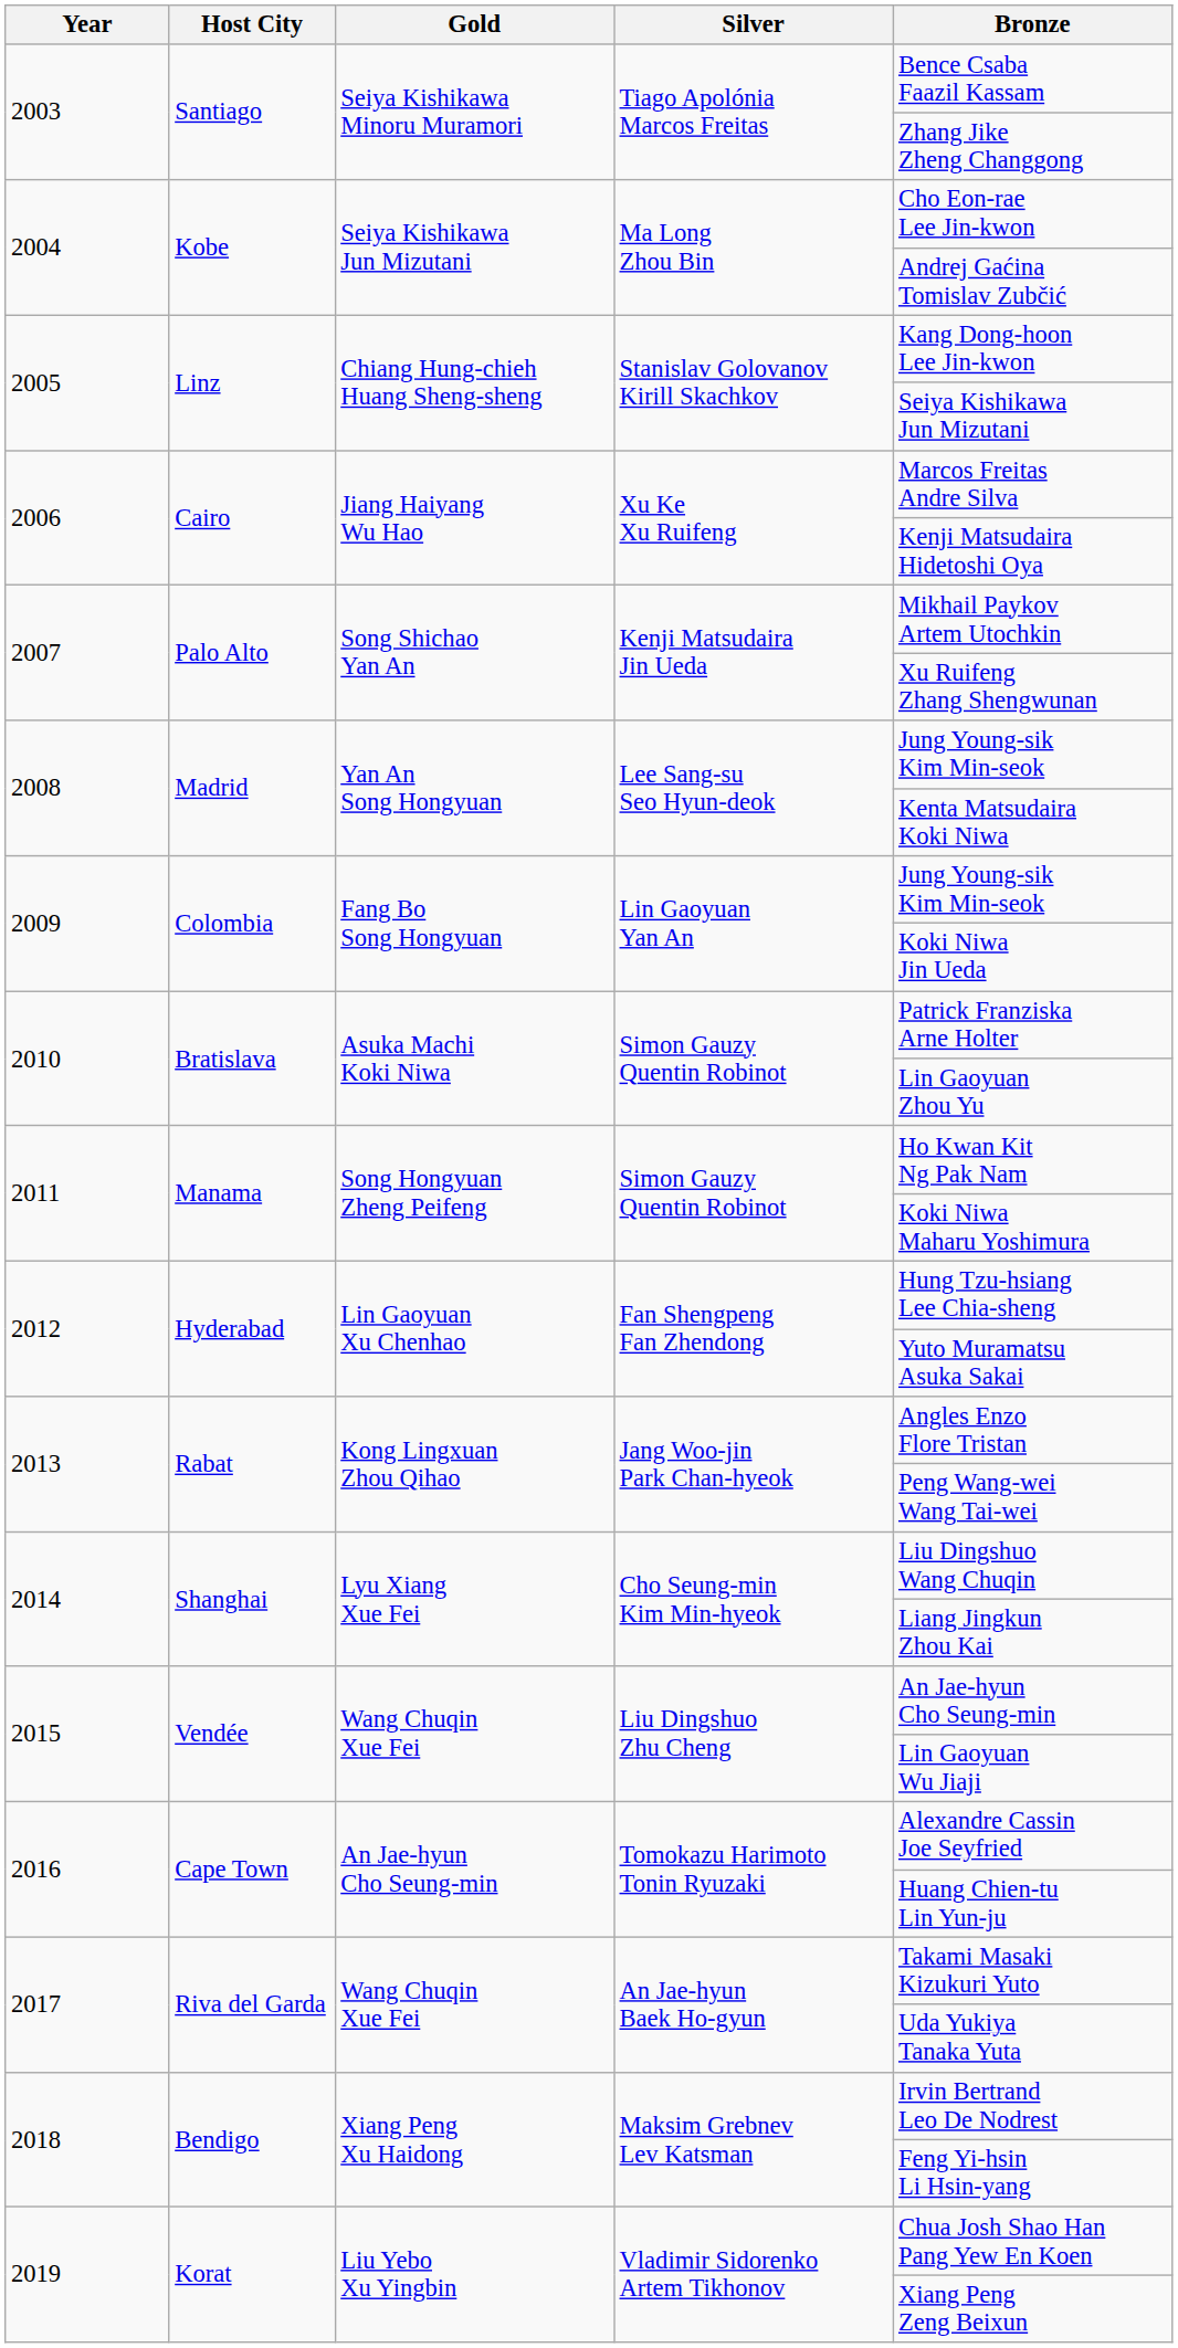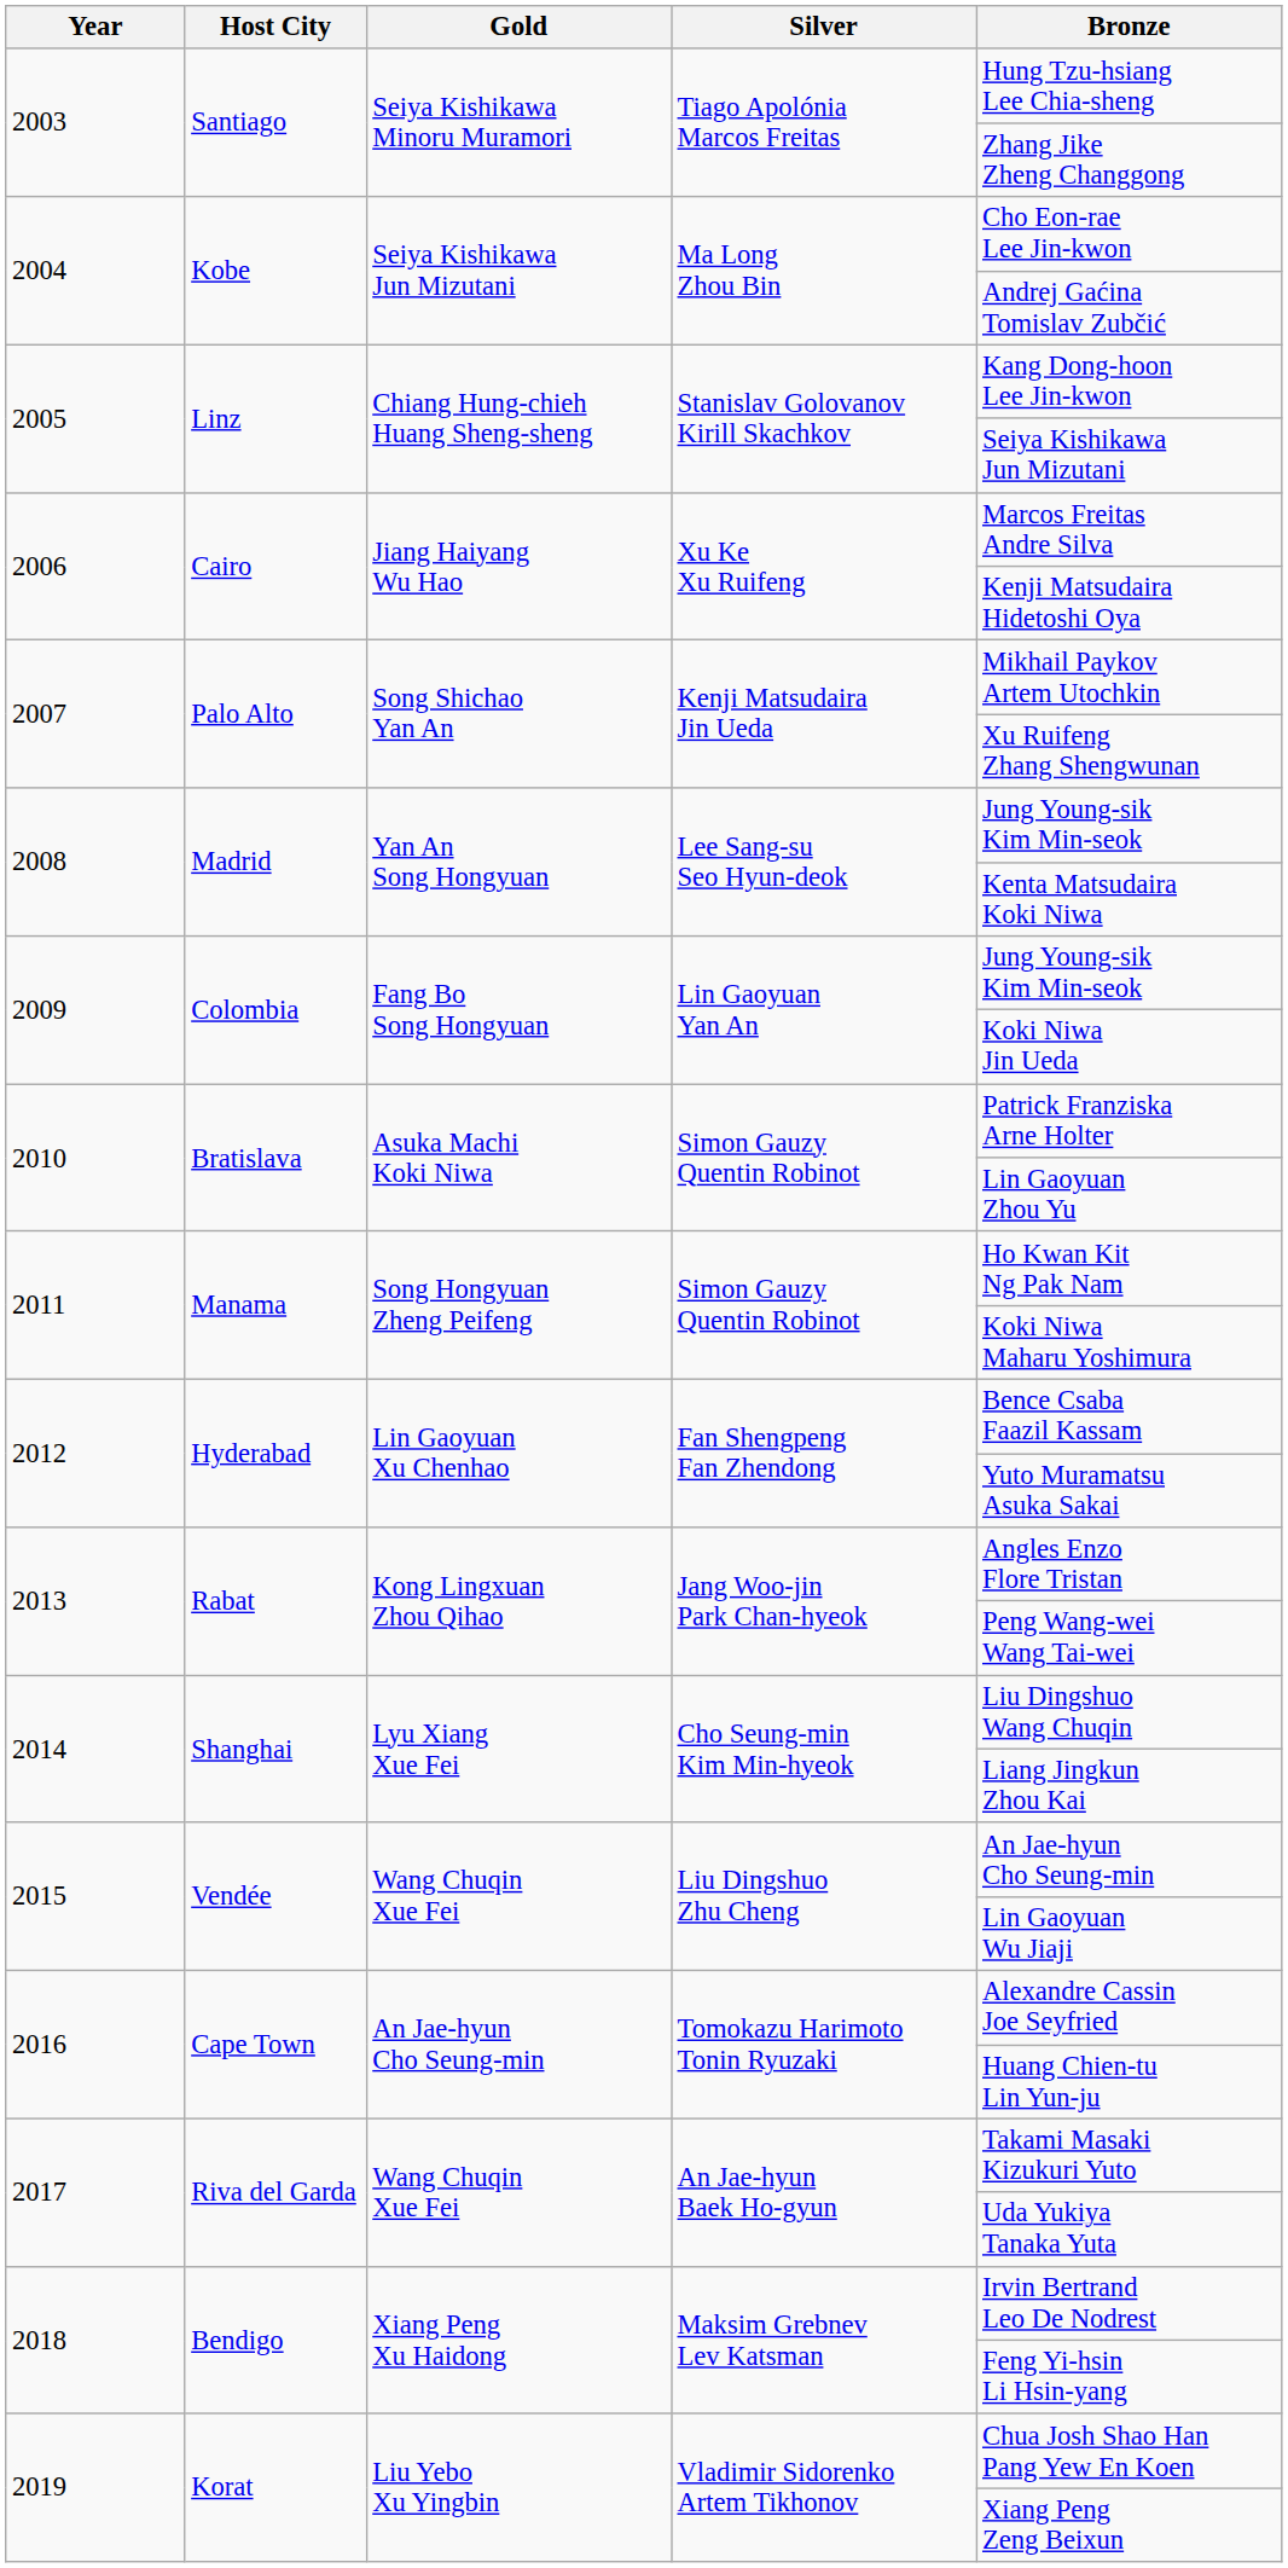 <table class="wikitable" style="text-align: left; width: 750px;">
 <tr>
 <th width="100">Year</th>
 <th width="100">Host City</th>
 <th width="175">Gold</th>
 <th width="175">Silver</th>
 <th width="175">Bronze</th>
 </tr>
 <tr>
 <td rowspan=2>2003</td>
 <td rowspan=2><a href='#'>Santiago</a></td>
 <td rowspan=2> <a href='#'>Seiya Kishikawa</a><br> <a href='#'>Minoru Muramori</a></td>
 <td rowspan=2> <a href='#'>Tiago Apolónia</a><br> <a href='#'>Marcos Freitas</a></td>
-<td> <a href='#'>Bence Csaba</a><br> <a href='#'>Faazil Kassam</a></td>
+<td> <a href='#'>Hung Tzu-hsiang</a><br> <a href='#'>Lee Chia-sheng</a></td>
 </tr>
 <tr>
 <td> <a href='#'>Zhang Jike</a><br> <a href='#'>Zheng Changgong</a></td>
 </tr>
 <tr>
 <td rowspan=2>2004</td>
 <td rowspan=2><a href='#'>Kobe</a></td>
 <td rowspan=2> <a href='#'>Seiya Kishikawa</a><br> <a href='#'>Jun Mizutani</a></td>
 <td rowspan=2> <a href='#'>Ma Long</a><br> <a href='#'>Zhou Bin</a></td>
 <td> <a href='#'>Cho Eon-rae</a><br> <a href='#'>Lee Jin-kwon</a></td>
 </tr>
 <tr>
 <td> <a href='#'>Andrej Gaćina</a><br> <a href='#'>Tomislav Zubčić</a></td>
 </tr>
 <tr>
 <td rowspan=2>2005</td>
 <td rowspan=2><a href='#'>Linz</a></td>
 <td rowspan=2> <a href='#'>Chiang Hung-chieh</a><br> <a href='#'>Huang Sheng-sheng</a></td>
 <td rowspan=2> <a href='#'>Stanislav Golovanov</a><br> <a href='#'>Kirill Skachkov</a></td>
 <td> <a href='#'>Kang Dong-hoon</a><br> <a href='#'>Lee Jin-kwon</a></td>
 </tr>
 <tr>
 <td> <a href='#'>Seiya Kishikawa</a><br> <a href='#'>Jun Mizutani</a></td>
 </tr>
 <tr>
 <td rowspan=2>2006</td>
 <td rowspan=2><a href='#'>Cairo</a></td>
 <td rowspan=2> <a href='#'>Jiang Haiyang</a><br> <a href='#'>Wu Hao</a></td>
 <td rowspan=2> <a href='#'>Xu Ke</a><br> <a href='#'>Xu Ruifeng</a></td>
 <td> <a href='#'>Marcos Freitas</a><br> <a href='#'>Andre Silva</a></td>
 </tr>
 <tr>
 <td> <a href='#'>Kenji Matsudaira</a><br> <a href='#'>Hidetoshi Oya</a></td>
 </tr>
 <tr>
 <td rowspan=2>2007</td>
 <td rowspan=2><a href='#'>Palo Alto</a></td>
 <td rowspan=2> <a href='#'>Song Shichao</a><br> <a href='#'>Yan An</a></td>
 <td rowspan=2> <a href='#'>Kenji Matsudaira</a><br> <a href='#'>Jin Ueda</a></td>
 <td> <a href='#'>Mikhail Paykov</a><br> <a href='#'>Artem Utochkin</a></td>
 </tr>
 <tr>
 <td> <a href='#'>Xu Ruifeng</a><br> <a href='#'>Zhang Shengwunan</a></td>
 </tr>
 <tr>
 <td rowspan=2>2008</td>
 <td rowspan=2><a href='#'>Madrid</a></td>
 <td rowspan=2> <a href='#'>Yan An</a><br> <a href='#'>Song Hongyuan</a></td>
 <td rowspan=2> <a href='#'>Lee Sang-su</a><br> <a href='#'>Seo Hyun-deok</a></td>
 <td> <a href='#'>Jung Young-sik</a><br> <a href='#'>Kim Min-seok</a></td>
 </tr>
 <tr>
 <td> <a href='#'>Kenta Matsudaira</a><br> <a href='#'>Koki Niwa</a></td>
 </tr>
 <tr>
 <td rowspan=2>2009</td>
 <td rowspan=2><a href='#'>Colombia</a></td>
 <td rowspan=2> <a href='#'>Fang Bo</a><br> <a href='#'>Song Hongyuan</a></td>
 <td rowspan=2> <a href='#'>Lin Gaoyuan</a><br> <a href='#'>Yan An</a></td>
 <td> <a href='#'>Jung Young-sik</a><br> <a href='#'>Kim Min-seok</a></td>
 </tr>
 <tr>
 <td> <a href='#'>Koki Niwa</a><br> <a href='#'>Jin Ueda</a></td>
 </tr>
 <tr>
 <td rowspan=2>2010</td>
 <td rowspan=2><a href='#'>Bratislava</a></td>
 <td rowspan=2> <a href='#'>Asuka Machi</a><br> <a href='#'>Koki Niwa</a></td>
 <td rowspan=2> <a href='#'>Simon Gauzy</a><br> <a href='#'>Quentin Robinot</a></td>
 <td> <a href='#'>Patrick Franziska</a><br> <a href='#'>Arne Holter</a></td>
 </tr>
 <tr>
 <td> <a href='#'>Lin Gaoyuan</a><br> <a href='#'>Zhou Yu</a></td>
 </tr>
 <tr>
 <td rowspan=2>2011</td>
 <td rowspan=2><a href='#'>Manama</a></td>
 <td rowspan=2> <a href='#'>Song Hongyuan</a><br> <a href='#'>Zheng Peifeng</a></td>
 <td rowspan=2> <a href='#'>Simon Gauzy</a><br> <a href='#'>Quentin Robinot</a></td>
 <td> <a href='#'>Ho Kwan Kit</a><br> <a href='#'>Ng Pak Nam</a></td>
 </tr>
 <tr>
 <td> <a href='#'>Koki Niwa</a><br> <a href='#'>Maharu Yoshimura</a></td>
 </tr>
 <tr>
 <td rowspan=2>2012</td>
 <td rowspan=2><a href='#'>Hyderabad</a></td>
 <td rowspan=2> <a href='#'>Lin Gaoyuan</a><br> <a href='#'>Xu Chenhao</a></td>
 <td rowspan=2> <a href='#'>Fan Shengpeng</a><br> <a href='#'>Fan Zhendong</a></td>
-<td> <a href='#'>Hung Tzu-hsiang</a><br> <a href='#'>Lee Chia-sheng</a></td>
+<td> <a href='#'>Bence Csaba</a><br> <a href='#'>Faazil Kassam</a></td>
 </tr>
 <tr>
 <td> <a href='#'>Yuto Muramatsu</a><br> <a href='#'>Asuka Sakai</a></td>
 </tr>
 <tr>
 <td rowspan=2>2013</td>
 <td rowspan=2><a href='#'>Rabat</a></td>
 <td rowspan=2> <a href='#'>Kong Lingxuan</a><br> <a href='#'>Zhou Qihao</a></td>
 <td rowspan=2> <a href='#'>Jang Woo-jin</a><br> <a href='#'>Park Chan-hyeok</a></td>
 <td> <a href='#'>Angles Enzo</a><br> <a href='#'>Flore Tristan</a></td>
 </tr>
 <tr>
 <td> <a href='#'>Peng Wang-wei</a><br> <a href='#'>Wang Tai-wei</a></td>
 </tr>
 <tr>
 <td rowspan=2>2014</td>
 <td rowspan=2><a href='#'>Shanghai</a></td>
 <td rowspan=2> <a href='#'>Lyu Xiang</a><br> <a href='#'>Xue Fei</a></td>
 <td rowspan=2> <a href='#'>Cho Seung-min</a><br> <a href='#'>Kim Min-hyeok</a></td>
 <td> <a href='#'>Liu Dingshuo</a><br> <a href='#'>Wang Chuqin</a></td>
 </tr>
 <tr>
 <td> <a href='#'>Liang Jingkun</a><br> <a href='#'>Zhou Kai</a></td>
 </tr>
 <tr>
 <td rowspan=2>2015</td>
 <td rowspan=2><a href='#'>Vendée</a></td>
 <td rowspan=2> <a href='#'>Wang Chuqin</a><br> <a href='#'>Xue Fei</a></td>
 <td rowspan=2> <a href='#'>Liu Dingshuo</a><br> <a href='#'>Zhu Cheng</a></td>
 <td> <a href='#'>An Jae-hyun</a><br> <a href='#'>Cho Seung-min</a></td>
 </tr>
 <tr>
 <td> <a href='#'>Lin Gaoyuan</a><br> <a href='#'>Wu Jiaji</a></td>
 </tr>
 <tr>
 <td rowspan=2>2016</td>
 <td rowspan=2><a href='#'>Cape Town</a></td>
 <td rowspan=2> <a href='#'>An Jae-hyun</a><br> <a href='#'>Cho Seung-min</a></td>
 <td rowspan=2> <a href='#'>Tomokazu Harimoto</a><br> <a href='#'>Tonin Ryuzaki</a></td>
 <td> <a href='#'>Alexandre Cassin</a><br> <a href='#'>Joe Seyfried</a></td>
 </tr>
 <tr>
 <td> <a href='#'>Huang Chien-tu</a><br> <a href='#'>Lin Yun-ju</a></td>
 </tr>
 <tr>
 <td rowspan=2>2017</td>
 <td rowspan=2><a href='#'>Riva del Garda</a></td>
 <td rowspan=2> <a href='#'>Wang Chuqin</a><br> <a href='#'>Xue Fei</a></td>
 <td rowspan=2> <a href='#'>An Jae-hyun</a><br> <a href='#'>Baek Ho-gyun</a></td>
 <td> <a href='#'>Takami Masaki</a><br> <a href='#'>Kizukuri Yuto</a></td>
 </tr>
 <tr>
 <td> <a href='#'>Uda Yukiya</a><br> <a href='#'>Tanaka Yuta</a></td>
 </tr>
 <tr>
 <td rowspan=2>2018</td>
 <td rowspan=2><a href='#'>Bendigo</a></td>
 <td rowspan=2> <a href='#'>Xiang Peng</a><br> <a href='#'>Xu Haidong</a></td>
 <td rowspan=2> <a href='#'>Maksim Grebnev</a><br> <a href='#'>Lev Katsman</a></td>
 <td> <a href='#'>Irvin Bertrand</a><br> <a href='#'>Leo De Nodrest</a></td>
 </tr>
 <tr>
 <td> <a href='#'>Feng Yi-hsin</a><br> <a href='#'>Li Hsin-yang</a></td>
 </tr>
 <tr>
 <td rowspan=2>2019</td>
 <td rowspan=2><a href='#'>Korat</a></td>
 <td rowspan=2> <a href='#'>Liu Yebo</a><br> <a href='#'>Xu Yingbin</a></td>
 <td rowspan=2> <a href='#'>Vladimir Sidorenko</a><br> <a href='#'>Artem Tikhonov</a></td>
 <td> <a href='#'>Chua Josh Shao Han</a><br> <a href='#'>Pang Yew En Koen</a></td>
 </tr>
 <tr>
 <td> <a href='#'>Xiang Peng</a><br> <a href='#'>Zeng Beixun</a></td>
 </tr>
 </table>
